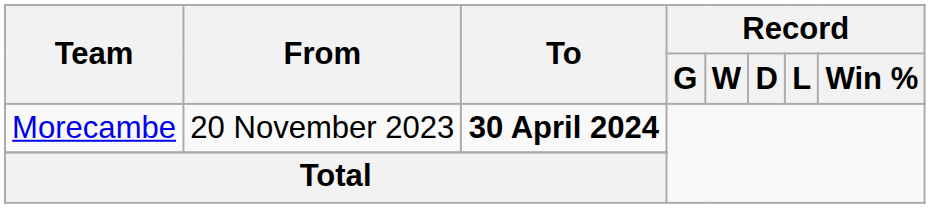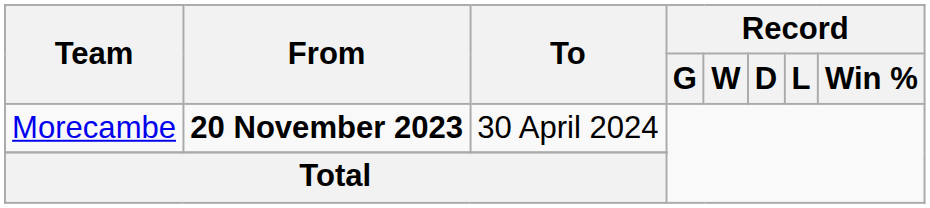 <table class="wikitable" style="text-align:centre">
 <tr>
 <th rowspan=2>Team</th>
 <th rowspan=2>From</th>
 <th rowspan=2>To</th>
 <th colspan=8>Record</th>
 </tr>
 <tr>
 <th>G</th>
 <th>W</th>
 <th>D</th>
 <th>L</th>
 <th>Win %</th>
 </tr>
 <tr>
 <td align=left><a href='#'>Morecambe</a></td>
-<td align=left>20 November 2023</td>
-<td align=left><strong>30 April 2024<br></strong></td>
+<td align=left><strong>20 November 2023</strong></td>
+<td align=left>30 April 2024<br></td>
 </tr>
 <tr>
 </tr>
 <tr>
 <th colspan="3">Total<br></th>
 </tr>
 </table>
